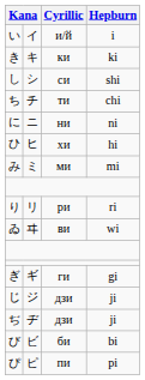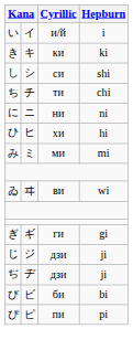 <table class="wikitable" style="text-align:center; display:inline-table;">
 <tr>
 <th colspan="2"><a href='#'>Kana</a></th>
 <th><a href='#'>Cyrillic</a></th>
 <th><a href='#'>Hepburn</a></th>
 </tr>
 <tr>
 <td>い</td>
 <td>イ</td>
 <td>и/й</td>
 <td>i</td>
 </tr>
 <tr>
 <td>き</td>
 <td>キ</td>
 <td>ки</td>
 <td>ki</td>
 </tr>
 <tr>
 <td>し</td>
 <td>シ</td>
 <td>си</td>
 <td>shi</td>
 </tr>
 <tr>
 <td>ち</td>
 <td>チ</td>
 <td>ти</td>
 <td>chi</td>
 </tr>
 <tr>
 <td>に</td>
 <td>ニ</td>
 <td>ни</td>
 <td>ni</td>
 </tr>
 <tr>
 <td>ひ</td>
 <td>ヒ</td>
 <td>хи</td>
 <td>hi</td>
 </tr>
 <tr>
 <td>み</td>
 <td>ミ</td>
 <td>ми</td>
 <td>mi</td>
 </tr>
 <tr>
 <td colspan="4"> </td>
 </tr>
 <tr>
-<td>り</td>
-<td>リ</td>
-<td>ри</td>
-<td>ri</td>
-</tr>
-<tr>
 <td>ゐ</td>
 <td>ヰ</td>
 <td>ви</td>
 <td>wi</td>
 </tr>
 <tr>
 <td colspan="4"> </td>
 </tr>
 <tr>
 <td colspan="4"></td>
 </tr>
 <tr>
 <td>ぎ</td>
 <td>ギ</td>
 <td>ги</td>
 <td>gi</td>
 </tr>
 <tr>
 <td>じ</td>
 <td>ジ</td>
 <td>дзи</td>
 <td>ji</td>
 </tr>
 <tr>
 <td>ぢ</td>
 <td>ヂ</td>
 <td>дзи</td>
 <td>ji</td>
 </tr>
 <tr>
 <td>び</td>
 <td>ビ</td>
 <td>би</td>
 <td>bi</td>
 </tr>
 <tr>
 <td>ぴ</td>
 <td>ピ</td>
 <td>пи</td>
 <td>pi</td>
 </tr>
 </table>
